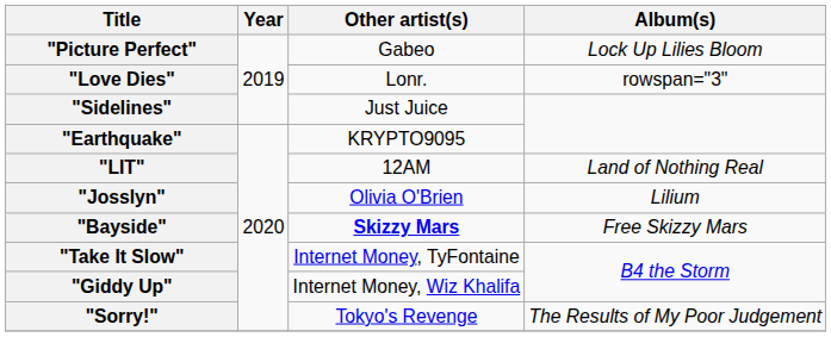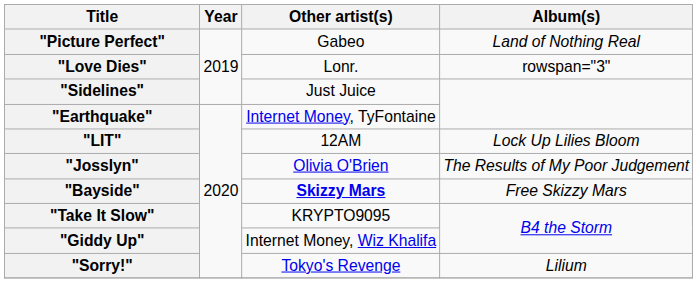 <table class="wikitable plainrowheaders" style="text-align:center;">
 <tr>
 <th scope="col" style="width:12em;">Title</th>
 <th scope="col">Year</th>
 <th scope="col">Other artist(s)</th>
 <th scope="col">Album(s)</th>
 </tr>
 <tr>
 <th scope="row">"Picture Perfect"</th>
 <td rowspan="3">2019</td>
 <td style="text-align:center;">Gabeo</td>
-<td><em>Lock Up Lilies Bloom</em></td>
+<td><em>Land of Nothing Real</em></td>
 </tr>
 <tr>
 <th scope="row">"Love Dies"</th>
 <td style="text-align:center;">Lonr.</td>
 <td>rowspan="3" </td>
 </tr>
 <tr>
 <th scope="row">"Sidelines"</th>
 <td style="text-align:center;">Just Juice</td>
 </tr>
 <tr>
 <th scope="row">"Earthquake"</th>
 <td rowspan="7">2020</td>
-<td style="text-align:center;">KRYPTO9095</td>
+<td><a href='#'>Internet Money</a>, TyFontaine</td>
 </tr>
 <tr>
 <th scope="row">"LIT"</th>
 <td style="text-align:center;">12AM</td>
-<td><em>Land of Nothing Real</em></td>
+<td><em>Lock Up Lilies Bloom</em></td>
 </tr>
 <tr>
 <th scope="row">"Josslyn"</th>
 <td style="text-align:center;"><a href='#'>Olivia O'Brien</a></td>
-<td><em>Lilium</em></td>
+<td><em>The Results of My Poor Judgement</em></td>
 </tr>
 <tr>
 <th scope="row">"Bayside"</th>
 <td style="text-align:center;"><strong><a href='#'>Skizzy Mars</a></strong></td>
 <td><em>Free Skizzy Mars</em></td>
 </tr>
 <tr>
 <th scope="row">"Take It Slow"</th>
-<td><a href='#'>Internet Money</a>, TyFontaine</td>
+<td style="text-align:center;">KRYPTO9095</td>
 <td rowspan="2"><em><a href='#'>B4 the Storm</a></em></td>
 </tr>
 <tr>
 <th scope="row">"Giddy Up"</th>
 <td>Internet Money, <a href='#'>Wiz Khalifa</a></td>
 </tr>
 <tr>
 <th scope="row">"Sorry!"</th>
 <td><a href='#'>Tokyo's Revenge</a></td>
-<td><em>The Results of My Poor Judgement</em></td>
+<td><em>Lilium</em></td>
 </tr>
 <tr>
 </tr>
 </table>
